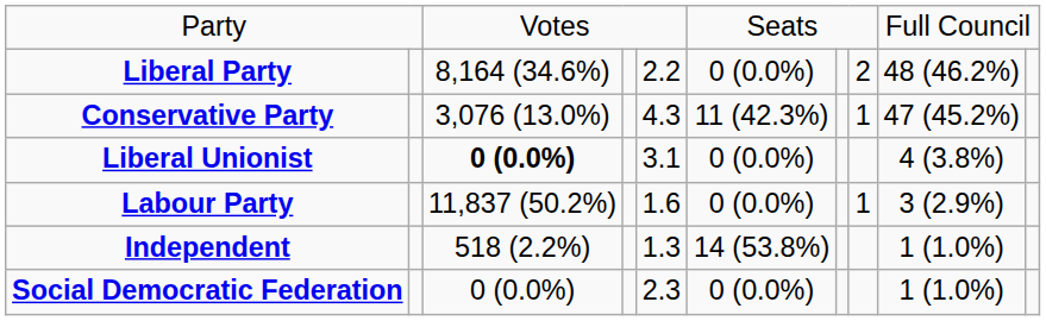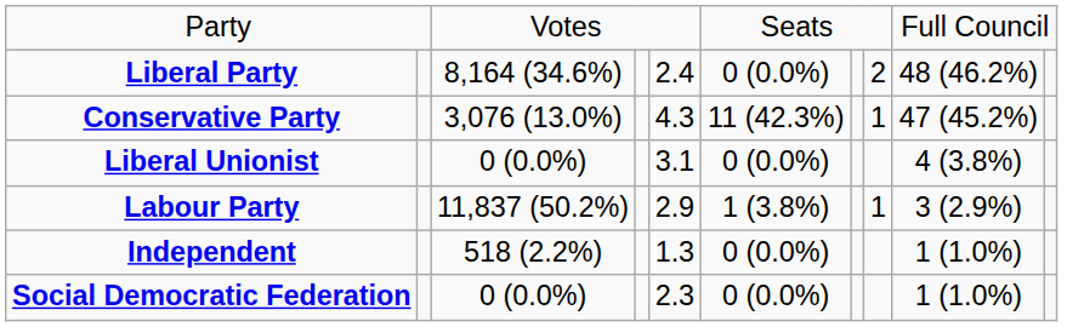 <table class=wikitable style="text-align:center;">
 <tr>
 <td colspan=2>Party</td>
 <td colspan=3>Votes</td>
 <td colspan=3>Seats</td>
 <td colspan=3>Full Council</td>
 </tr>
 <tr>
 <td><strong><a href='#'>Liberal Party</a></strong></td>
 <td style="background:"></td>
 <td>8,164 (34.6%)</td>
 <td></td>
-<td> 2.2</td>
+<td> 2.4</td>
 <td>0 (0.0%)</td>
 <td></td>
 <td> 2</td>
 <td>48 (46.2%)</td>
 <td></td>
 </tr>
 <tr>
 <td><strong><a href='#'>Conservative Party</a></strong></td>
 <td style="background:"></td>
 <td>3,076 (13.0%)</td>
 <td></td>
 <td> 4.3</td>
 <td>11 (42.3%)</td>
 <td></td>
 <td> 1</td>
 <td>47 (45.2%)</td>
 <td></td>
 </tr>
 <tr>
 <td><strong><a href='#'>Liberal Unionist</a></strong></td>
 <td style="background:"></td>
-<td><strong>0 (0.0%)</strong></td>
+<td>0 (0.0%)</td>
 <td></td>
 <td> 3.1</td>
 <td>0 (0.0%)</td>
 <td></td>
 <td></td>
 <td>4 (3.8%)</td>
 <td></td>
 </tr>
 <tr>
 <td><strong><a href='#'>Labour Party</a></strong></td>
 <td style="background:"></td>
 <td>11,837 (50.2%)</td>
 <td></td>
-<td> 1.6</td>
-<td>0 (0.0%)</td>
+<td> 2.9</td>
+<td>1 (3.8%)</td>
 <td></td>
 <td> 1</td>
 <td>3 (2.9%)</td>
 <td></td>
 </tr>
 <tr>
 <td><strong><a href='#'>Independent</a></strong></td>
 <td style="background:"></td>
 <td>518 (2.2%)</td>
 <td></td>
 <td> 1.3</td>
-<td>14 (53.8%)</td>
+<td>0 (0.0%)</td>
 <td></td>
 <td></td>
 <td>1 (1.0%)</td>
 <td></td>
 </tr>
 <tr>
 <td><strong><a href='#'>Social Democratic Federation</a></strong></td>
 <td style="background:"></td>
 <td>0 (0.0%)</td>
 <td></td>
 <td> 2.3</td>
 <td>0 (0.0%)</td>
 <td></td>
 <td></td>
 <td>1 (1.0%)</td>
 <td></td>
 </tr>
 </table>
